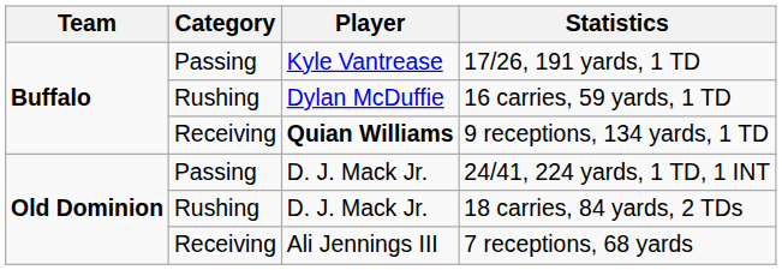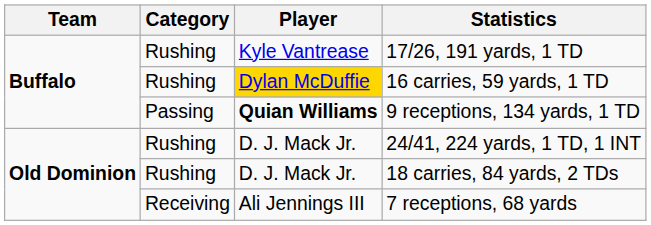 <table class="wikitable" style="float: left;">
 <tr>
 <th>Team</th>
 <th>Category</th>
 <th>Player</th>
 <th>Statistics</th>
 </tr>
 <tr>
 <td rowspan=3><strong>Buffalo</strong></td>
-<td>Passing</td>
+<td>Rushing</td>
 <td><a href='#'>Kyle Vantrease</a></td>
 <td>17/26, 191 yards, 1 TD</td>
 </tr>
 <tr>
 <td>Rushing</td>
-<td><a href='#'>Dylan McDuffie</a></td>
+<td style="background: gold;"><a href='#'>Dylan McDuffie</a></td>
 <td>16 carries, 59 yards, 1 TD</td>
 </tr>
 <tr>
-<td>Receiving</td>
+<td>Passing</td>
 <td><strong>Quian Williams</strong></td>
 <td>9 receptions, 134 yards, 1 TD</td>
 </tr>
 <tr>
 <td rowspan=3><strong>Old Dominion</strong></td>
-<td>Passing</td>
+<td>Rushing</td>
 <td>D. J. Mack Jr.</td>
 <td>24/41, 224 yards, 1 TD, 1 INT</td>
 </tr>
 <tr>
 <td>Rushing</td>
 <td>D. J. Mack Jr.</td>
 <td>18 carries, 84 yards, 2 TDs</td>
 </tr>
 <tr>
 <td>Receiving</td>
 <td>Ali Jennings III</td>
 <td>7 receptions, 68 yards</td>
 </tr>
 </table>
